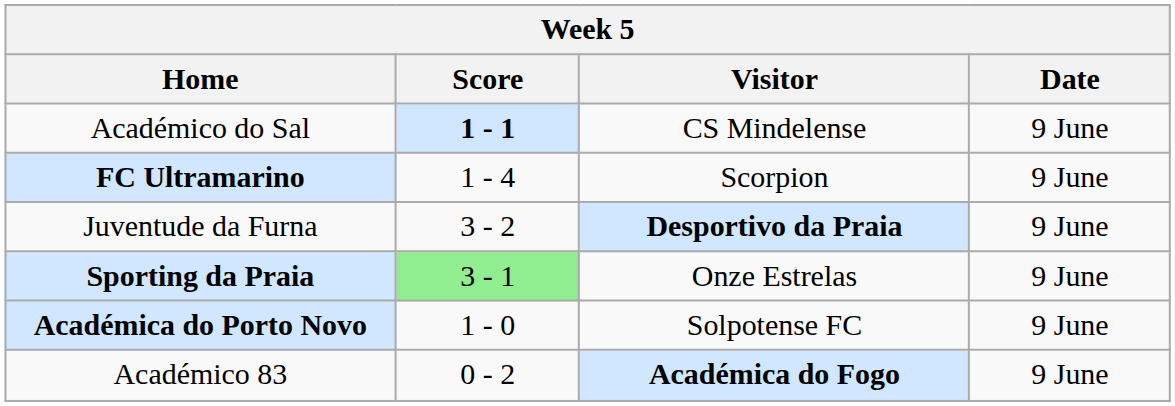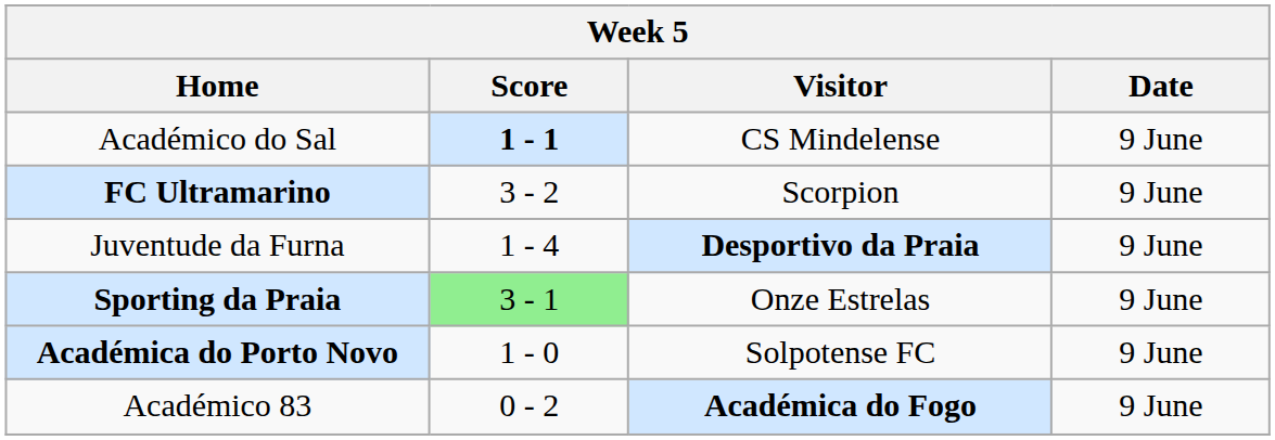 <table class="wikitable" style="font-size:95%; text-align: center; width: 95%; margin:1em auto;">
 <tr>
 <th colspan="12" style="with: 100%;">Week 5</th>
 </tr>
 <tr>
 <th width="200">Home</th>
 <th width="90">Score</th>
 <th width="200">Visitor</th>
 <th width="100">Date</th>
 </tr>
 <tr>
 <td>Académico do Sal</td>
 <td bgcolor=#D0E7FF><strong>1 - 1</strong></td>
 <td>CS Mindelense</td>
 <td>9 June</td>
 </tr>
 <tr>
 <td bgcolor=#D0E7FF><strong>FC Ultramarino</strong></td>
-<td>1 - 4</td>
+<td>3 - 2</td>
 <td>Scorpion</td>
 <td>9 June</td>
 </tr>
 <tr>
 <td>Juventude da Furna</td>
-<td>3 - 2</td>
+<td>1 - 4</td>
 <td bgcolor=#D0E7FF><strong>Desportivo da Praia</strong></td>
 <td>9 June</td>
 </tr>
 <tr>
 <td bgcolor=#D0E7FF><strong>Sporting da Praia</strong></td>
 <td style="background: lightgreen;">3 - 1</td>
 <td>Onze Estrelas</td>
 <td>9 June</td>
 </tr>
 <tr>
 <td bgcolor=#D0E7FF><strong>Académica do Porto Novo</strong></td>
 <td>1 - 0</td>
 <td>Solpotense FC</td>
 <td>9 June</td>
 </tr>
 <tr>
 <td>Académico 83</td>
 <td>0 - 2</td>
 <td bgcolor=#D0E7FF><strong>Académica do Fogo</strong></td>
 <td>9 June</td>
 </tr>
 </table>
